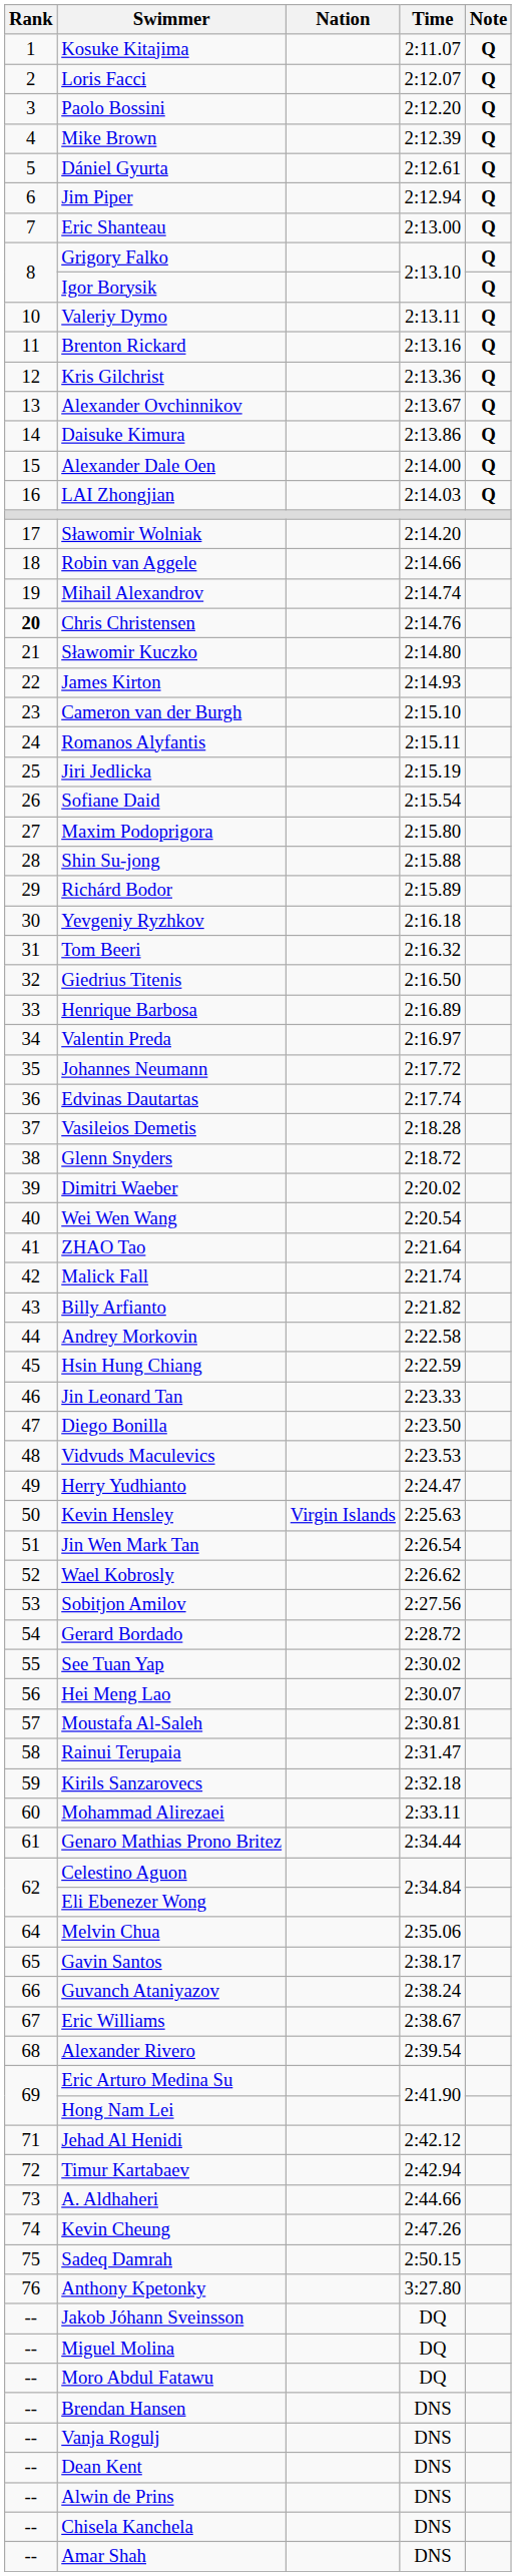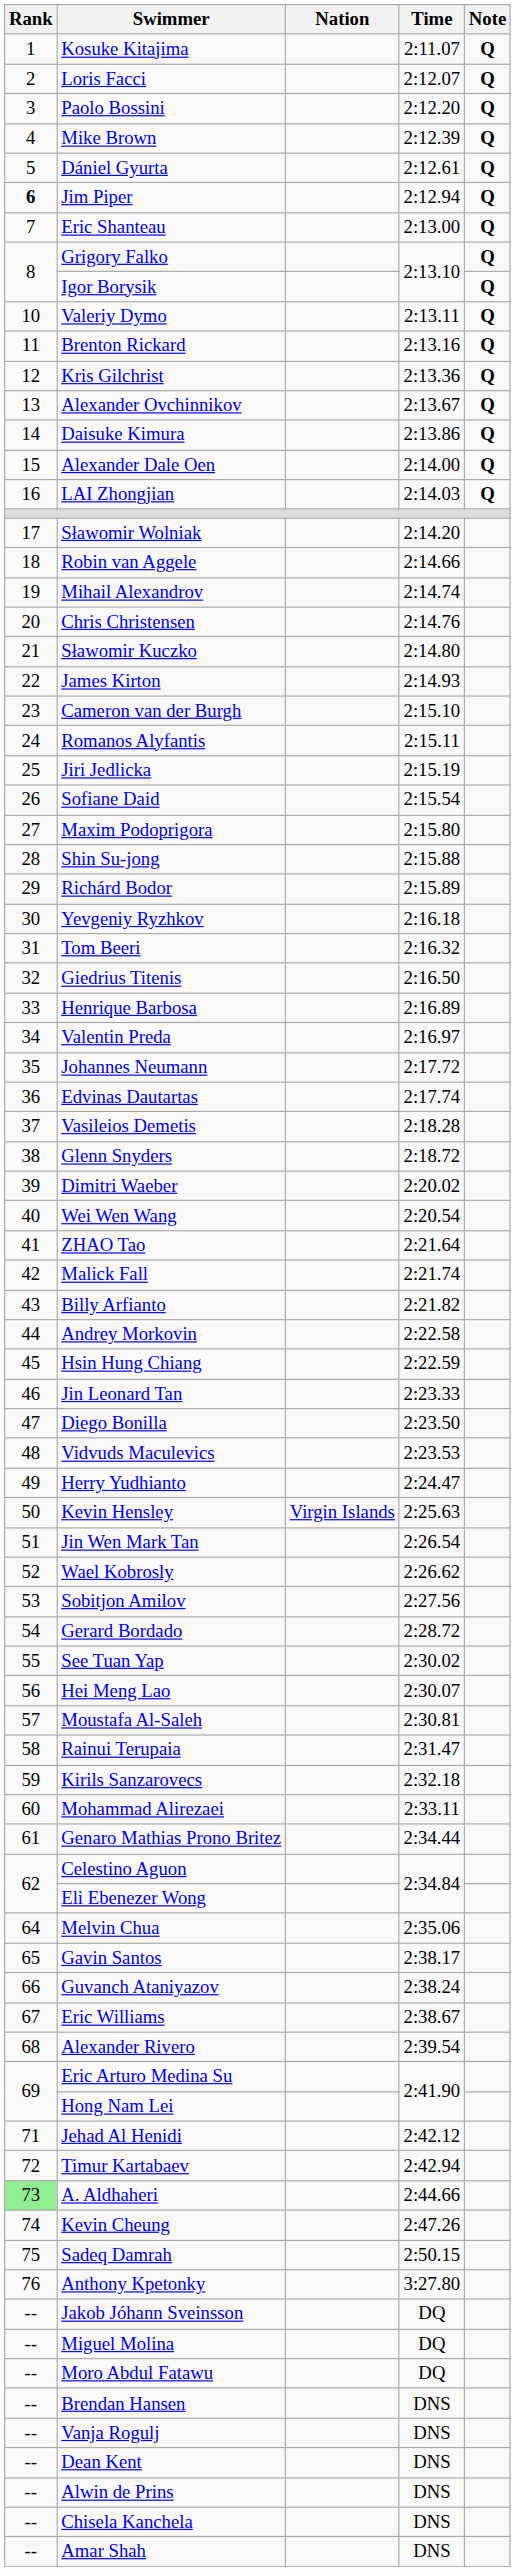 <table class="wikitable" style="text-align:center">
 <tr>
 <th>Rank</th>
 <th>Swimmer</th>
 <th>Nation</th>
 <th>Time</th>
 <th>Note</th>
 </tr>
 <tr>
 <td>1</td>
 <td align=left><a href='#'>Kosuke Kitajima</a></td>
 <td align=left></td>
 <td>2:11.07</td>
 <td><strong>Q</strong></td>
 </tr>
 <tr>
 <td>2</td>
 <td align=left><a href='#'>Loris Facci</a></td>
 <td align=left></td>
 <td>2:12.07</td>
 <td><strong>Q</strong></td>
 </tr>
 <tr>
 <td>3</td>
 <td align=left><a href='#'>Paolo Bossini</a></td>
 <td align=left></td>
 <td>2:12.20</td>
 <td><strong>Q</strong></td>
 </tr>
 <tr>
 <td>4</td>
 <td align=left><a href='#'>Mike Brown</a></td>
 <td align=left></td>
 <td>2:12.39</td>
 <td><strong>Q</strong></td>
 </tr>
 <tr>
 <td>5</td>
 <td align=left><a href='#'>Dániel Gyurta</a></td>
 <td align=left></td>
 <td>2:12.61</td>
 <td><strong>Q</strong></td>
 </tr>
 <tr>
-<td>6</td>
+<td><strong>6</strong></td>
 <td align=left><a href='#'>Jim Piper</a></td>
 <td align=left></td>
 <td>2:12.94</td>
 <td><strong>Q</strong></td>
 </tr>
 <tr>
 <td>7</td>
 <td align=left><a href='#'>Eric Shanteau</a></td>
 <td align=left></td>
 <td>2:13.00</td>
 <td><strong>Q</strong></td>
 </tr>
 <tr>
 <td rowspan=2>8</td>
 <td align=left><a href='#'>Grigory Falko</a></td>
 <td align=left></td>
 <td rowspan=2>2:13.10</td>
 <td><strong>Q</strong></td>
 </tr>
 <tr>
 <td align=left><a href='#'>Igor Borysik</a></td>
 <td align=left></td>
 <td><strong>Q</strong></td>
 </tr>
 <tr>
 <td>10</td>
 <td align=left><a href='#'>Valeriy Dymo</a></td>
 <td align=left></td>
 <td>2:13.11</td>
 <td><strong>Q</strong></td>
 </tr>
 <tr>
 <td>11</td>
 <td align=left><a href='#'>Brenton Rickard</a></td>
 <td align=left></td>
 <td>2:13.16</td>
 <td><strong>Q</strong></td>
 </tr>
 <tr>
 <td>12</td>
 <td align=left><a href='#'>Kris Gilchrist</a></td>
 <td align=left></td>
 <td>2:13.36</td>
 <td><strong>Q</strong></td>
 </tr>
 <tr>
 <td>13</td>
 <td align=left><a href='#'>Alexander Ovchinnikov</a></td>
 <td align=left></td>
 <td>2:13.67</td>
 <td><strong>Q</strong></td>
 </tr>
 <tr>
 <td>14</td>
 <td align=left><a href='#'>Daisuke Kimura</a></td>
 <td align=left></td>
 <td>2:13.86</td>
 <td><strong>Q</strong></td>
 </tr>
 <tr>
 <td>15</td>
 <td align=left><a href='#'>Alexander Dale Oen</a></td>
 <td align=left></td>
 <td>2:14.00</td>
 <td><strong>Q</strong></td>
 </tr>
 <tr>
 <td>16</td>
 <td align=left><a href='#'>LAI Zhongjian</a></td>
 <td align=left></td>
 <td>2:14.03</td>
 <td><strong>Q</strong></td>
 </tr>
 <tr bgcolor=#DDDDDD>
 <td colspan=5></td>
 </tr>
 <tr>
 <td>17</td>
 <td align=left><a href='#'>Sławomir Wolniak</a></td>
 <td align=left></td>
 <td>2:14.20</td>
 <td></td>
 </tr>
 <tr>
 <td>18</td>
 <td align=left><a href='#'>Robin van Aggele</a></td>
 <td align=left></td>
 <td>2:14.66</td>
 <td></td>
 </tr>
 <tr>
 <td>19</td>
 <td align=left><a href='#'>Mihail Alexandrov</a></td>
 <td align=left></td>
 <td>2:14.74</td>
 <td></td>
 </tr>
 <tr>
-<td><strong>20</strong></td>
+<td>20</td>
 <td align=left><a href='#'>Chris Christensen</a></td>
 <td align=left></td>
 <td>2:14.76</td>
 <td></td>
 </tr>
 <tr>
 <td>21</td>
 <td align=left><a href='#'>Sławomir Kuczko</a></td>
 <td align=left></td>
 <td>2:14.80</td>
 <td></td>
 </tr>
 <tr>
 <td>22</td>
 <td align=left><a href='#'>James Kirton</a></td>
 <td align=left></td>
 <td>2:14.93</td>
 <td></td>
 </tr>
 <tr>
 <td>23</td>
 <td align=left><a href='#'>Cameron van der Burgh</a></td>
 <td align=left></td>
 <td>2:15.10</td>
 <td></td>
 </tr>
 <tr>
 <td>24</td>
 <td align=left><a href='#'>Romanos Alyfantis</a></td>
 <td align=left></td>
 <td>2:15.11</td>
 <td></td>
 </tr>
 <tr>
 <td>25</td>
 <td align=left><a href='#'>Jiri Jedlicka</a></td>
 <td align=left></td>
 <td>2:15.19</td>
 <td></td>
 </tr>
 <tr>
 <td>26</td>
 <td align=left><a href='#'>Sofiane Daid</a></td>
 <td align=left></td>
 <td>2:15.54</td>
 <td></td>
 </tr>
 <tr>
 <td>27</td>
 <td align=left><a href='#'>Maxim Podoprigora</a></td>
 <td align=left></td>
 <td>2:15.80</td>
 <td></td>
 </tr>
 <tr>
 <td>28</td>
 <td align=left><a href='#'>Shin Su-jong</a></td>
 <td align=left></td>
 <td>2:15.88</td>
 <td></td>
 </tr>
 <tr>
 <td>29</td>
 <td align=left><a href='#'>Richárd Bodor</a></td>
 <td align=left></td>
 <td>2:15.89</td>
 <td></td>
 </tr>
 <tr>
 <td>30</td>
 <td align=left><a href='#'>Yevgeniy Ryzhkov</a></td>
 <td align=left></td>
 <td>2:16.18</td>
 <td></td>
 </tr>
 <tr>
 <td>31</td>
 <td align=left><a href='#'>Tom Beeri</a></td>
 <td align=left></td>
 <td>2:16.32</td>
 <td></td>
 </tr>
 <tr>
 <td>32</td>
 <td align=left><a href='#'>Giedrius Titenis</a></td>
 <td align=left></td>
 <td>2:16.50</td>
 <td></td>
 </tr>
 <tr>
 <td>33</td>
 <td align=left><a href='#'>Henrique Barbosa</a></td>
 <td align=left></td>
 <td>2:16.89</td>
 <td></td>
 </tr>
 <tr>
 <td>34</td>
 <td align=left><a href='#'>Valentin Preda</a></td>
 <td align=left></td>
 <td>2:16.97</td>
 <td></td>
 </tr>
 <tr>
 <td>35</td>
 <td align=left><a href='#'>Johannes Neumann</a></td>
 <td align=left></td>
 <td>2:17.72</td>
 <td></td>
 </tr>
 <tr>
 <td>36</td>
 <td align=left><a href='#'>Edvinas Dautartas</a></td>
 <td align=left></td>
 <td>2:17.74</td>
 <td></td>
 </tr>
 <tr>
 <td>37</td>
 <td align=left><a href='#'>Vasileios Demetis</a></td>
 <td align=left></td>
 <td>2:18.28</td>
 <td></td>
 </tr>
 <tr>
 <td>38</td>
 <td align=left><a href='#'>Glenn Snyders</a></td>
 <td align=left></td>
 <td>2:18.72</td>
 <td></td>
 </tr>
 <tr>
 <td>39</td>
 <td align=left><a href='#'>Dimitri Waeber</a></td>
 <td align=left></td>
 <td>2:20.02</td>
 <td></td>
 </tr>
 <tr>
 <td>40</td>
 <td align=left><a href='#'>Wei Wen Wang</a></td>
 <td align=left></td>
 <td>2:20.54</td>
 <td></td>
 </tr>
 <tr>
 <td>41</td>
 <td align=left><a href='#'>ZHAO Tao</a></td>
 <td align=left></td>
 <td>2:21.64</td>
 <td></td>
 </tr>
 <tr>
 <td>42</td>
 <td align=left><a href='#'>Malick Fall</a></td>
 <td align=left></td>
 <td>2:21.74</td>
 <td></td>
 </tr>
 <tr>
 <td>43</td>
 <td align=left><a href='#'>Billy Arfianto</a></td>
 <td align=left></td>
 <td>2:21.82</td>
 <td></td>
 </tr>
 <tr>
 <td>44</td>
 <td align=left><a href='#'>Andrey Morkovin</a></td>
 <td align=left></td>
 <td>2:22.58</td>
 <td></td>
 </tr>
 <tr>
 <td>45</td>
 <td align=left><a href='#'>Hsin Hung Chiang</a></td>
 <td align=left></td>
 <td>2:22.59</td>
 <td></td>
 </tr>
 <tr>
 <td>46</td>
 <td align=left><a href='#'>Jin Leonard Tan</a></td>
 <td align=left></td>
 <td>2:23.33</td>
 <td></td>
 </tr>
 <tr>
 <td>47</td>
 <td align=left><a href='#'>Diego Bonilla</a></td>
 <td align=left></td>
 <td>2:23.50</td>
 <td></td>
 </tr>
 <tr>
 <td>48</td>
 <td align=left><a href='#'>Vidvuds Maculevics</a></td>
 <td align=left></td>
 <td>2:23.53</td>
 <td></td>
 </tr>
 <tr>
 <td>49</td>
 <td align=left><a href='#'>Herry Yudhianto</a></td>
 <td align=left></td>
 <td>2:24.47</td>
 <td></td>
 </tr>
 <tr>
 <td>50</td>
 <td align=left><a href='#'>Kevin Hensley</a></td>
 <td align=left> <a href='#'>Virgin Islands</a></td>
 <td>2:25.63</td>
 <td></td>
 </tr>
 <tr>
 <td>51</td>
 <td align=left><a href='#'>Jin Wen Mark Tan</a></td>
 <td align=left></td>
 <td>2:26.54</td>
 <td></td>
 </tr>
 <tr>
 <td>52</td>
 <td align=left><a href='#'>Wael Kobrosly</a></td>
 <td align=left></td>
 <td>2:26.62</td>
 <td></td>
 </tr>
 <tr>
 <td>53</td>
 <td align=left><a href='#'>Sobitjon Amilov</a></td>
 <td align=left></td>
 <td>2:27.56</td>
 <td></td>
 </tr>
 <tr>
 <td>54</td>
 <td align=left><a href='#'>Gerard Bordado</a></td>
 <td align=left></td>
 <td>2:28.72</td>
 <td></td>
 </tr>
 <tr>
 <td>55</td>
 <td align=left><a href='#'>See Tuan Yap</a></td>
 <td align=left></td>
 <td>2:30.02</td>
 <td></td>
 </tr>
 <tr>
 <td>56</td>
 <td align=left><a href='#'>Hei Meng Lao</a></td>
 <td align=left></td>
 <td>2:30.07</td>
 <td></td>
 </tr>
 <tr>
 <td>57</td>
 <td align=left><a href='#'>Moustafa Al-Saleh</a></td>
 <td align=left></td>
 <td>2:30.81</td>
 <td></td>
 </tr>
 <tr>
 <td>58</td>
 <td align=left><a href='#'>Rainui Terupaia</a></td>
 <td align=left></td>
 <td>2:31.47</td>
 <td></td>
 </tr>
 <tr>
 <td>59</td>
 <td align=left><a href='#'>Kirils Sanzarovecs</a></td>
 <td align=left></td>
 <td>2:32.18</td>
 <td></td>
 </tr>
 <tr>
 <td>60</td>
 <td align=left><a href='#'>Mohammad Alirezaei</a></td>
 <td align=left></td>
 <td>2:33.11</td>
 <td></td>
 </tr>
 <tr>
 <td>61</td>
 <td align=left><a href='#'>Genaro Mathias Prono Britez</a></td>
 <td align=left></td>
 <td>2:34.44</td>
 <td></td>
 </tr>
 <tr>
 <td rowspan=2>62</td>
 <td align=left><a href='#'>Celestino Aguon</a></td>
 <td align=left></td>
 <td rowspan=2>2:34.84</td>
 <td></td>
 </tr>
 <tr>
 <td align=left><a href='#'>Eli Ebenezer Wong</a></td>
 <td align=left></td>
 <td></td>
 </tr>
 <tr>
 <td>64</td>
 <td align=left><a href='#'>Melvin Chua</a></td>
 <td align=left></td>
 <td>2:35.06</td>
 <td></td>
 </tr>
 <tr>
 <td>65</td>
 <td align=left><a href='#'>Gavin Santos</a></td>
 <td align=left></td>
 <td>2:38.17</td>
 <td></td>
 </tr>
 <tr>
 <td>66</td>
 <td align=left><a href='#'>Guvanch Ataniyazov</a></td>
 <td align=left></td>
 <td>2:38.24</td>
 <td></td>
 </tr>
 <tr>
 <td>67</td>
 <td align=left><a href='#'>Eric Williams</a></td>
 <td align=left></td>
 <td>2:38.67</td>
 <td></td>
 </tr>
 <tr>
 <td>68</td>
 <td align=left><a href='#'>Alexander Rivero</a></td>
 <td align=left></td>
 <td>2:39.54</td>
 <td></td>
 </tr>
 <tr>
 <td rowspan=2>69</td>
 <td align=left><a href='#'>Eric Arturo Medina Su</a></td>
 <td align=left></td>
 <td rowspan=2>2:41.90</td>
 <td></td>
 </tr>
 <tr>
 <td align=left><a href='#'>Hong Nam Lei</a></td>
 <td align=left></td>
 <td></td>
 </tr>
 <tr>
 <td>71</td>
 <td align=left><a href='#'>Jehad Al Henidi</a></td>
 <td align=left></td>
 <td>2:42.12</td>
 <td></td>
 </tr>
 <tr>
 <td>72</td>
 <td align=left><a href='#'>Timur Kartabaev</a></td>
 <td align=left></td>
 <td>2:42.94</td>
 <td></td>
 </tr>
 <tr>
-<td>73</td>
+<td style="background: lightgreen;">73</td>
 <td align=left><a href='#'>A. Aldhaheri</a></td>
 <td align=left></td>
 <td>2:44.66</td>
 <td></td>
 </tr>
 <tr>
 <td>74</td>
 <td align=left><a href='#'>Kevin Cheung</a></td>
 <td align=left></td>
 <td>2:47.26</td>
 <td></td>
 </tr>
 <tr>
 <td>75</td>
 <td align=left><a href='#'>Sadeq Damrah</a></td>
 <td align=left></td>
 <td>2:50.15</td>
 <td></td>
 </tr>
 <tr>
 <td>76</td>
 <td align=left><a href='#'>Anthony Kpetonky</a></td>
 <td align=left></td>
 <td>3:27.80</td>
 <td></td>
 </tr>
 <tr>
 <td>--</td>
 <td align=left><a href='#'>Jakob Jóhann Sveinsson</a></td>
 <td align=left></td>
 <td>DQ</td>
 <td></td>
 </tr>
 <tr>
 <td>--</td>
 <td align=left><a href='#'>Miguel Molina</a></td>
 <td align=left></td>
 <td>DQ</td>
 <td></td>
 </tr>
 <tr>
 <td>--</td>
 <td align=left><a href='#'>Moro Abdul Fatawu</a></td>
 <td align=left></td>
 <td>DQ</td>
 <td></td>
 </tr>
 <tr>
 <td>--</td>
 <td align=left><a href='#'>Brendan Hansen</a></td>
 <td align=left></td>
 <td>DNS</td>
 <td></td>
 </tr>
 <tr>
 <td>--</td>
 <td align=left><a href='#'>Vanja Rogulj</a></td>
 <td align=left></td>
 <td>DNS</td>
 <td></td>
 </tr>
 <tr>
 <td>--</td>
 <td align=left><a href='#'>Dean Kent</a></td>
 <td align=left></td>
 <td>DNS</td>
 <td></td>
 </tr>
 <tr>
 <td>--</td>
 <td align=left><a href='#'>Alwin de Prins</a></td>
 <td align=left></td>
 <td>DNS</td>
 <td></td>
 </tr>
 <tr>
 <td>--</td>
 <td align=left><a href='#'>Chisela Kanchela</a></td>
 <td align=left></td>
 <td>DNS</td>
 <td></td>
 </tr>
 <tr>
 <td>--</td>
 <td align=left><a href='#'>Amar Shah</a></td>
 <td align=left></td>
 <td>DNS</td>
 <td></td>
 </tr>
 <tr>
 </tr>
 </table>
